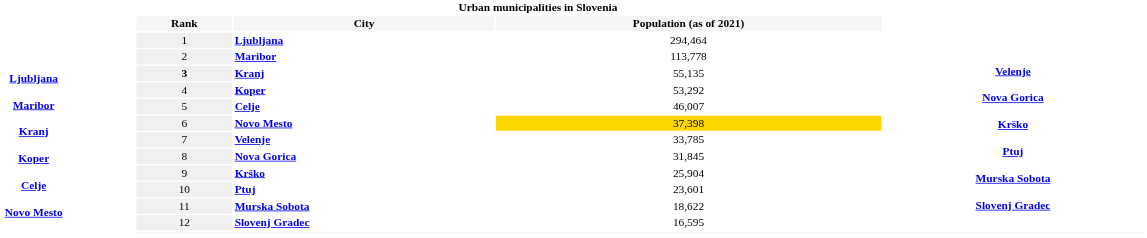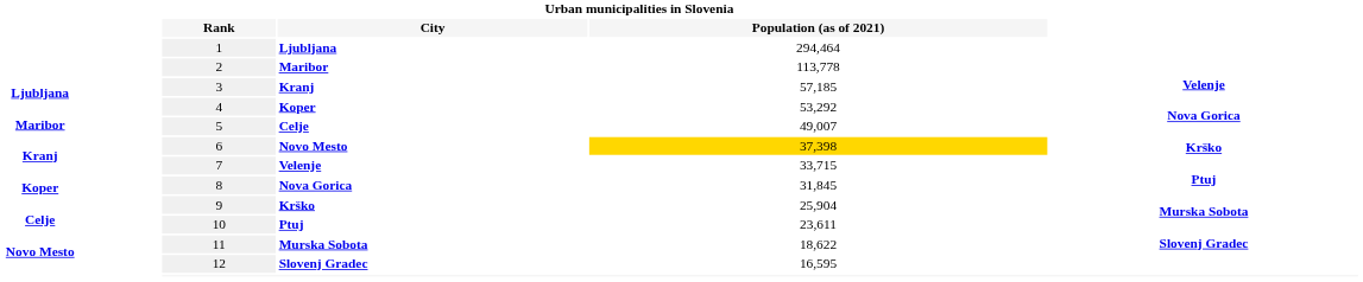 <table style="text-align:center; width:97%; margin-right:10px; font-size:90%">
 <tr>
 <th style="text-align:center;" colspan="12">Urban municipalities in Slovenia</th>
 </tr>
 <tr>
 <th rowspan="23" width:150><br><br><br><a href='#'>Ljubljana</a><br> <br><a href='#'>Maribor</a><br> <br><a href='#'>Kranj</a><br> <br><a href='#'>Koper</a><br> <br><a href='#'>Celje</a><br> <br><a href='#'>Novo Mesto</a><br></th>
 <th style="text-align:center; background:#f5f5f5;">Rank</th>
 <th style="text-align:center; background:#f5f5f5;">City</th>
 <th style="text-align:center; background:#f5f5f5;">Population (as of 2021)</th>
 <th rowspan="22" width:150><br><br><a href='#'>Velenje</a><br> <br><a href='#'>Nova Gorica</a><br> <br><a href='#'>Krško</a><br> <br><a href='#'>Ptuj</a><br> <br><a href='#'>Murska Sobota</a><br> <br><a href='#'>Slovenj Gradec</a><br></th>
 </tr>
 <tr>
 <td style="text-align:center; background:#f0f0f0;">1</td>
 <td align=left><strong> <a href='#'>Ljubljana</a></strong></td>
 <td>294,464</td>
 </tr>
 <tr>
 <td style="text-align:center; background:#f0f0f0;">2</td>
 <td align=left><strong> <a href='#'>Maribor</a></strong></td>
 <td>113,778</td>
 </tr>
 <tr>
-<td style="text-align:center; background:#f0f0f0;"><strong>3</strong></td>
+<td style="text-align:center; background:#f0f0f0;">3</td>
 <td align=left><strong> <a href='#'>Kranj</a></strong></td>
-<td>55,135</td>
+<td>57,185</td>
 </tr>
 <tr>
 <td style="text-align:center; background:#f0f0f0;">4</td>
 <td align=left><strong> <a href='#'>Koper</a></strong></td>
 <td>53,292</td>
 </tr>
 <tr>
 <td style="text-align:center; background:#f0f0f0;">5</td>
 <td align=left><strong> <a href='#'>Celje</a></strong></td>
-<td>46,007</td>
+<td>49,007</td>
 </tr>
 <tr>
 <td style="text-align:center; background:#f0f0f0;">6</td>
 <td align=left><strong> <a href='#'>Novo Mesto</a></strong></td>
 <td style="background: gold;">37,398</td>
 </tr>
 <tr>
 <td style="text-align:center; background:#f0f0f0;">7</td>
 <td align=left><strong> <a href='#'>Velenje</a></strong></td>
-<td>33,785</td>
+<td>33,715</td>
 </tr>
 <tr>
 <td style="text-align:center; background:#f0f0f0;">8</td>
 <td align="left"><strong> <a href='#'>Nova Gorica</a></strong></td>
 <td>31,845</td>
 </tr>
 <tr>
 <td style="text-align:center; background:#f0f0f0;">9</td>
 <td align="left"><strong> <a href='#'>Krško</a></strong></td>
 <td>25,904</td>
 </tr>
 <tr>
 <td style="text-align:center; background:#f0f0f0;">10</td>
 <td align=left><strong> <a href='#'>Ptuj</a></strong></td>
-<td>23,601</td>
+<td>23,611</td>
 </tr>
 <tr>
 <td style="text-align:center; background:#f0f0f0;">11</td>
 <td align=left><strong> <a href='#'>Murska Sobota</a></strong></td>
 <td>18,622</td>
 </tr>
 <tr>
 <td style="text-align:center; background:#f0f0f0;">12</td>
 <td align=left><strong> <a href='#'>Slovenj Gradec</a></strong></td>
 <td>16,595</td>
 </tr>
 <tr>
 <td colspan="5" style="text-align:center; background:#f5f5f5;"></td>
 </tr>
 </table>
